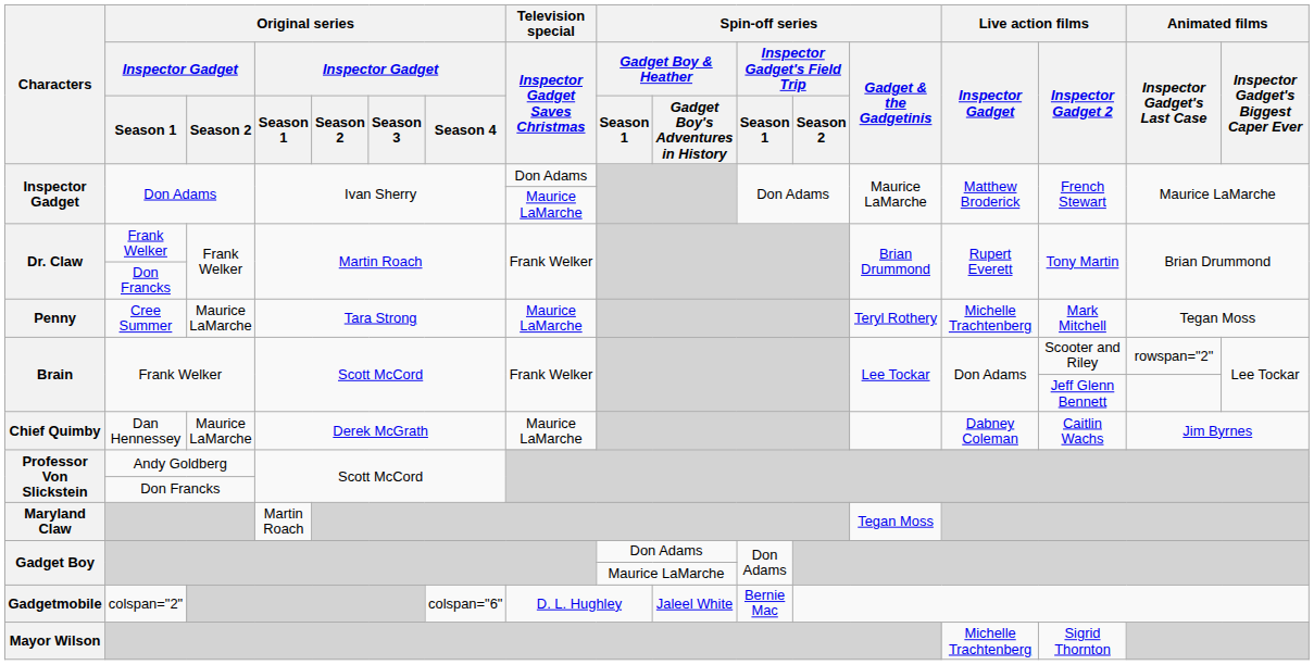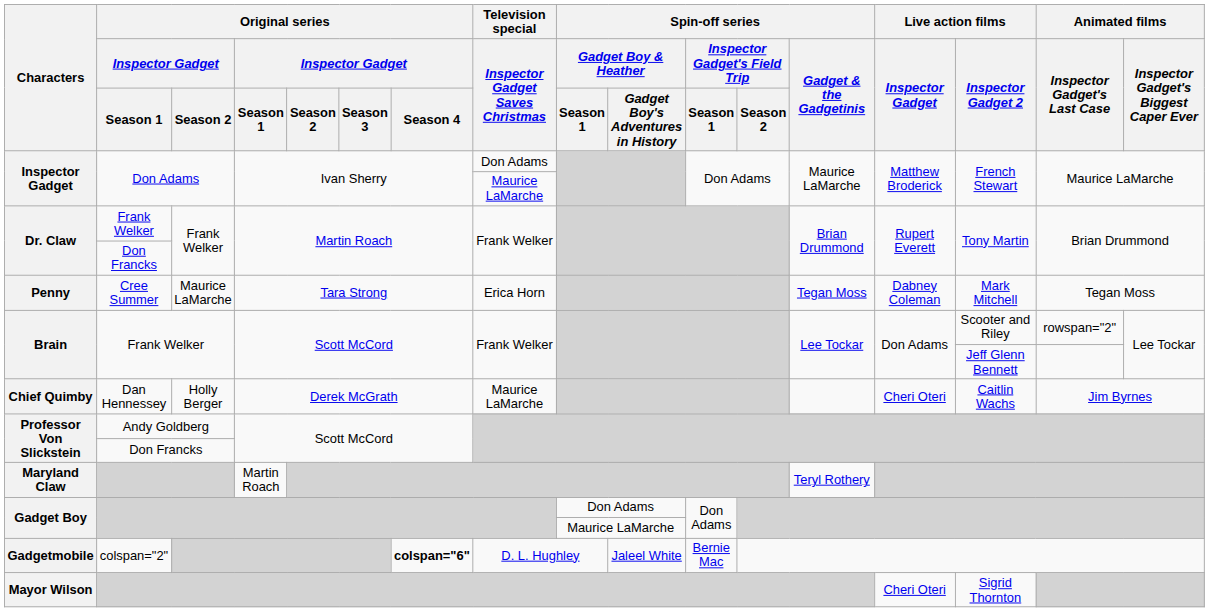 <table class="wikitable" style="text-align:center; width:100%; font-size:85%">
 <tr>
 <th rowspan="3">Characters</th>
 <th colspan="6">Original series</th>
 <th>Television special</th>
 <th colspan="5">Spin-off series</th>
 <th colspan="2">Live action films</th>
 <th colspan="2">Animated films</th>
 </tr>
 <tr>
 <th colspan="2" width="8%"><em><a href='#'>Inspector Gadget</a></em></th>
 <th colspan="4" width="8%"><em><a href='#'>Inspector Gadget</a></em></th>
 <th rowspan="2" width="8%"><em><a href='#'>Inspector Gadget Saves Christmas</a></em></th>
 <th colspan="2" width="8%"><em><a href='#'>Gadget Boy & Heather</a></em></th>
 <th colspan="2" width="8%"><em><a href='#'>Inspector Gadget's Field Trip</a></em></th>
 <th rowspan="2" width="8%"><em><a href='#'>Gadget & the Gadgetinis</a></em></th>
 <th rowspan="2" width="8%"><em><a href='#'>Inspector Gadget</a></em></th>
 <th rowspan="2" width="8%"><em><a href='#'>Inspector Gadget 2</a></em></th>
 <th rowspan="2" width="8%"><em>Inspector Gadget's Last Case</em></th>
 <th rowspan="2" width="8%"><em>Inspector Gadget's Biggest Caper Ever</em></th>
 </tr>
 <tr>
 <th>Season 1</th>
 <th>Season 2</th>
 <th>Season 1</th>
 <th>Season 2</th>
 <th>Season 3</th>
 <th>Season 4</th>
 <th>Season 1</th>
 <th><em>Gadget Boy's Adventures in History</em></th>
 <th>Season 1</th>
 <th>Season 2</th>
 </tr>
 <tr>
 <th rowspan="2">Inspector Gadget</th>
 <td colspan="2" rowspan="2"><a href='#'>Don Adams</a></td>
 <td colspan="4" rowspan="2">Ivan Sherry</td>
 <td>Don Adams</td>
 <td colspan="2" rowspan="2" style="background:lightgrey;"></td>
 <td colspan="2" rowspan="2">Don Adams</td>
 <td rowspan="2">Maurice LaMarche</td>
 <td rowspan="2"><a href='#'>Matthew Broderick</a></td>
 <td rowspan="2"><a href='#'>French Stewart</a></td>
 <td rowspan="2" colspan="2">Maurice LaMarche</td>
 </tr>
 <tr>
 <td><a href='#'>Maurice LaMarche</a></td>
 </tr>
 <tr>
 <th rowspan="2">Dr. Claw</th>
 <td><a href='#'>Frank Welker</a></td>
 <td rowspan="2">Frank Welker</td>
 <td colspan="4" rowspan="2"><a href='#'>Martin Roach</a></td>
 <td rowspan="2">Frank Welker</td>
 <td rowspan="2" colspan="4" style="background:lightgrey;"></td>
 <td rowspan="2"><a href='#'>Brian Drummond</a></td>
 <td rowspan="2"><a href='#'>Rupert Everett</a></td>
 <td rowspan="2"><a href='#'>Tony Martin</a></td>
 <td rowspan="2" colspan="2">Brian Drummond</td>
 </tr>
 <tr>
 <td><a href='#'>Don Francks</a></td>
 </tr>
 <tr>
 <th>Penny</th>
 <td><a href='#'>Cree Summer</a></td>
 <td>Maurice LaMarche</td>
 <td colspan="4"><a href='#'>Tara Strong</a></td>
-<td><a href='#'>Maurice LaMarche</a></td>
+<td>Erica Horn</td>
 <td colspan="4" style="background:lightgrey;"></td>
-<td><a href='#'>Teryl Rothery</a></td>
-<td><a href='#'>Michelle Trachtenberg</a></td>
+<td><a href='#'>Tegan Moss</a></td>
+<td><a href='#'>Dabney Coleman</a></td>
 <td><a href='#'>Mark Mitchell</a></td>
 <td colspan="2">Tegan Moss</td>
 </tr>
 <tr>
 <th rowspan="2">Brain</th>
 <td colspan="2" rowspan="2">Frank Welker</td>
 <td colspan="4" rowspan="2"><a href='#'>Scott McCord</a></td>
 <td rowspan="2">Frank Welker</td>
 <td rowspan="2" colspan="4" style="background:lightgrey;"></td>
 <td rowspan="2"><a href='#'>Lee Tockar</a></td>
 <td rowspan="2">Don Adams</td>
 <td>Scooter and Riley</td>
 <td>rowspan="2" </td>
 <td rowspan="2">Lee Tockar</td>
 </tr>
 <tr>
 <td><a href='#'>Jeff Glenn Bennett</a></td>
 </tr>
 <tr>
 <th>Chief Quimby</th>
 <td>Dan Hennessey</td>
-<td>Maurice LaMarche</td>
+<td>Holly Berger</td>
 <td colspan="4"><a href='#'>Derek McGrath</a></td>
 <td>Maurice LaMarche</td>
 <td colspan="4" style="background:lightgrey;"></td>
 <td></td>
-<td><a href='#'>Dabney Coleman</a></td>
+<td><a href='#'>Cheri Oteri</a></td>
 <td><a href='#'>Caitlin Wachs</a></td>
 <td colspan="2"><a href='#'>Jim Byrnes</a></td>
 </tr>
 <tr>
 <th rowspan="2">Professor Von Slickstein</th>
 <td colspan="2">Andy Goldberg</td>
 <td colspan="4" rowspan="2">Scott McCord</td>
 <td rowspan="2" colspan="16" style="background:lightgrey;"></td>
 </tr>
 <tr>
 <td colspan="2">Don Francks</td>
 </tr>
 <tr>
 <th>Maryland Claw</th>
 <td colspan="2" style="background:lightgrey;"></td>
 <td>Martin Roach</td>
 <td colspan="8" style="background:lightgrey;"></td>
-<td><a href='#'>Tegan Moss</a></td>
+<td><a href='#'>Teryl Rothery</a></td>
 <td colspan="4" style="background:lightgrey;"></td>
 </tr>
 <tr>
 <th rowspan="2">Gadget Boy</th>
 <td rowspan="2" colspan="7" style="background:lightgrey;"></td>
 <td colspan="2">Don Adams</td>
 <td rowspan="2">Don Adams</td>
 <td rowspan="2" colspan="6" style="background:lightgrey;"></td>
 </tr>
 <tr>
 <td colspan="2">Maurice LaMarche</td>
 </tr>
 <tr>
 <th>Gadgetmobile</th>
 <td>colspan="2" </td>
 <td colspan="4" style="background:lightgrey;"></td>
-<td>colspan="6" </td>
+<td><strong>colspan="6" </strong></td>
 <td colspan="2"><a href='#'>D. L. Hughley</a></td>
 <td><a href='#'>Jaleel White</a></td>
 <td><a href='#'>Bernie Mac</a></td>
 </tr>
 <tr>
 <th>Mayor Wilson</th>
 <td colspan="12" style="background:lightgrey;"></td>
-<td><a href='#'>Michelle Trachtenberg</a></td>
+<td><a href='#'>Cheri Oteri</a></td>
 <td><a href='#'>Sigrid Thornton</a></td>
 <td colspan="2" style="background:lightgrey;"></td>
 </tr>
 </table>
